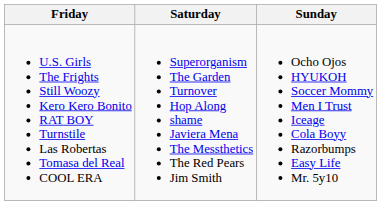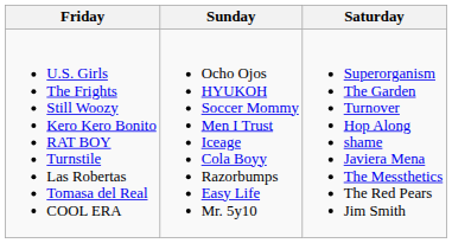 <table class="wikitable">
 <tr>
 <th>Friday</th>
+<th>Sunday</th>
 <th>Saturday</th>
-<th>Sunday</th>
 </tr>
 <tr valign="top">
 <td><br><ul><li><a href='#'>U.S. Girls</a></li><li><a href='#'>The Frights</a></li><li><a href='#'>Still Woozy</a></li><li><a href='#'>Kero Kero Bonito</a></li><li><a href='#'>RAT BOY</a></li><li><a href='#'>Turnstile</a></li><li>Las Robertas</li><li><a href='#'>Tomasa del Real</a></li><li>COOL ERA</li></ul></td>
+<td><br><ul><li>Ocho Ojos</li><li><a href='#'>HYUKOH</a></li><li><a href='#'>Soccer Mommy</a></li><li><a href='#'>Men I Trust</a></li><li><a href='#'>Iceage</a></li><li><a href='#'>Cola Boyy</a></li><li>Razorbumps</li><li><a href='#'>Easy Life</a></li><li>Mr. 5y10</li></ul></td>
 <td><br><ul><li><a href='#'>Superorganism</a></li><li><a href='#'>The Garden</a></li><li><a href='#'>Turnover</a></li><li><a href='#'>Hop Along</a></li><li><a href='#'>shame</a></li><li><a href='#'>Javiera Mena</a></li><li><a href='#'>The Messthetics</a></li><li>The Red Pears</li><li>Jim Smith</li></ul></td>
-<td><br><ul><li>Ocho Ojos</li><li><a href='#'>HYUKOH</a></li><li><a href='#'>Soccer Mommy</a></li><li><a href='#'>Men I Trust</a></li><li><a href='#'>Iceage</a></li><li><a href='#'>Cola Boyy</a></li><li>Razorbumps</li><li><a href='#'>Easy Life</a></li><li>Mr. 5y10</li></ul></td>
 </tr>
 </table>
